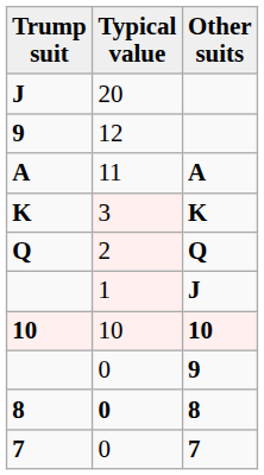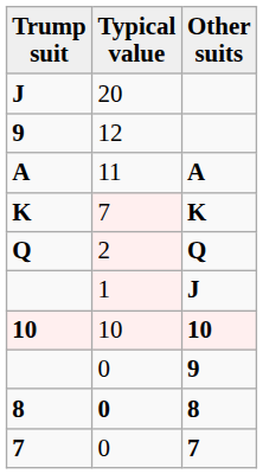 <table class="wikitable" align="right" style="margin-left:0.5em">
 <tr>
 <th style="background:#efefef;">Trump<br>suit</th>
 <th style="background:#efefef;">Typical<br>value</th>
 <th style="background:#efefef;">Other<br>suits</th>
 </tr>
 <tr>
 <td><strong>J</strong></td>
 <td>20</td>
 <td></td>
 </tr>
 <tr>
 <td><strong>9</strong></td>
 <td>12</td>
 <td></td>
 </tr>
 <tr>
 <td><strong>A</strong></td>
 <td>11</td>
 <td><strong>A</strong></td>
 </tr>
 <tr>
 <td><strong>K</strong></td>
-<td style="background:#ffefef;">3</td>
+<td style="background:#ffefef;">7</td>
 <td><strong>K</strong></td>
 </tr>
 <tr>
 <td><strong>Q</strong></td>
 <td style="background:#ffefef;">2</td>
 <td><strong>Q</strong></td>
 </tr>
 <tr>
 <td></td>
 <td style="background:#ffefef;">1</td>
 <td><strong>J</strong></td>
 </tr>
 <tr style="background:#ffefef;">
 <td><strong>10</strong></td>
 <td>10</td>
 <td><strong>10</strong></td>
 </tr>
 <tr>
 <td></td>
 <td>0</td>
 <td><strong>9</strong></td>
 </tr>
 <tr>
 <td><strong>8</strong></td>
 <td><strong>0</strong></td>
 <td><strong>8</strong></td>
 </tr>
 <tr>
 <td><strong>7</strong></td>
 <td>0</td>
 <td><strong>7</strong></td>
 </tr>
 </table>
